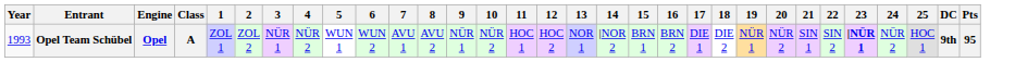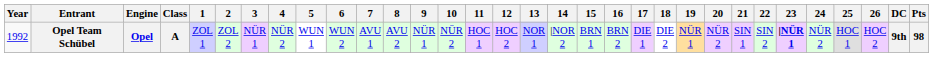 <table class="wikitable" style="text-align:center; font-size:90%">
 <tr>
 <th>Year</th>
 <th>Entrant</th>
 <th>Engine</th>
 <th>Class</th>
 <th>1</th>
 <th>2</th>
 <th>3</th>
 <th>4</th>
 <th>5</th>
 <th>6</th>
 <th>7</th>
 <th>8</th>
 <th>9</th>
 <th>10</th>
 <th>11</th>
 <th>12</th>
 <th>13</th>
 <th>14</th>
 <th>15</th>
 <th>16</th>
 <th>17</th>
 <th>18</th>
 <th>19</th>
 <th>20</th>
 <th>21</th>
 <th>22</th>
 <th>23</th>
 <th>24</th>
 <th>25</th>
+<th>26</th>
 <th>DC</th>
 <th>Pts</th>
 </tr>
 <tr>
-<td><a href='#'>1993</a></td>
+<td><a href='#'>1992</a></td>
 <th>Opel Team Schübel</th>
 <th><a href='#'>Opel</a></th>
 <th>A</th>
 <td style="background:#CFCFFF"><a href='#'>ZOL<br>1</a><br></td>
 <td style="background:#DFFFDF"><a href='#'>ZOL<br>2</a><br></td>
 <td style="background:#EFCFFF"><a href='#'>NÜR<br>1</a><br></td>
 <td style="background:#DFFFDF"><a href='#'>NÜR<br>2</a><br></td>
 <td style="background:#FFFFFF"><a href='#'>WUN<br>1</a><br></td>
 <td style="background:#DFFFDF"><a href='#'>WUN<br>2</a><br></td>
 <td style="background:#DFFFDF"><a href='#'>AVU<br>1</a><br></td>
 <td style="background:#DFFFDF"><a href='#'>AVU<br>2</a><br></td>
 <td style="background:#DFFFDF"><a href='#'>NÜR<br>1</a><br></td>
 <td style="background:#DFFFDF"><a href='#'>NÜR<br>2</a><br></td>
 <td style="background:#EFCFFF"><a href='#'>HOC<br>1</a><br></td>
 <td style="background:#EFCFFF"><a href='#'>HOC<br>2</a><br></td>
 <td style="background:#CFCFFF"><a href='#'>NOR<br>1</a><br></td>
 <td style="background:#DFFFDF">|<a href='#'>NOR<br>2</a><br></td>
 <td style="background:#DFFFDF"><a href='#'>BRN<br>1</a><br></td>
 <td style="background:#DFFFDF"><a href='#'>BRN<br>2</a><br></td>
 <td style="background:#EFCFFF"><a href='#'>DIE<br>1</a><br></td>
 <td style="background:#FFFFFF"><a href='#'>DIE<br>2</a><br></td>
 <td style="background:#FFDF9F"><a href='#'>NÜR<br>1</a><br></td>
 <td style="background:#EFCFFF"><a href='#'>NÜR<br>2</a><br></td>
 <td style="background:#EFCFFF"><a href='#'>SIN<br>1</a><br></td>
 <td style="background:#DFFFDF"><a href='#'>SIN<br>2</a><br></td>
 <td style="background:#EFCFFF"><strong>|<a href='#'>NÜR<br>1</a><br></strong></td>
 <td style="background:#DFFFDF"><a href='#'>NÜR<br>2</a><br></td>
 <td style="background:#DFDFDF"><a href='#'>HOC<br>1</a><br></td>
+<td style="background:#EFCFFF"><a href='#'>HOC<br>2</a><br></td>
 <th>9th</th>
-<th>95</th>
+<th>98</th>
 </tr>
 </table>
